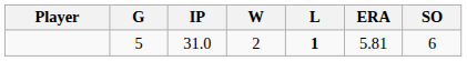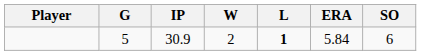 <table class="wikitable sortable">
 <tr>
 <th bgcolor="#DDDDFF" width="16%">Player</th>
 <th bgcolor="#DDDDFF" width="9%">G</th>
 <th bgcolor="#DDDDFF" width="9%">IP</th>
 <th bgcolor="#DDDDFF" width="9%">W</th>
 <th bgcolor="#DDDDFF" width="9%">L</th>
 <th bgcolor="#DDDDFF" width="9%">ERA</th>
 <th bgcolor="#DDDDFF" width="9%">SO</th>
 </tr>
 <tr align="center">
 <td></td>
 <td>5</td>
-<td>31.0</td>
+<td>30.9</td>
 <td>2</td>
 <td><strong>1</strong></td>
-<td>5.81</td>
+<td>5.84</td>
 <td>6</td>
 </tr>
 </table>
